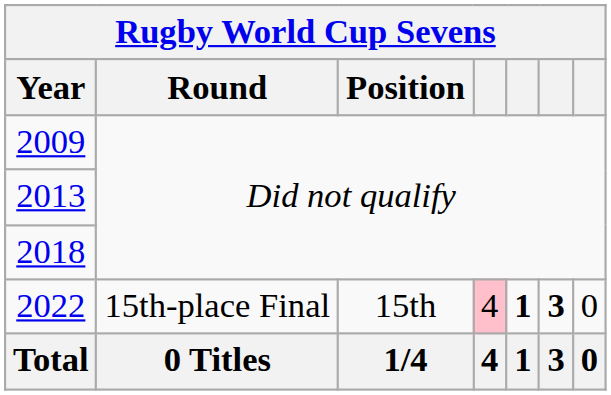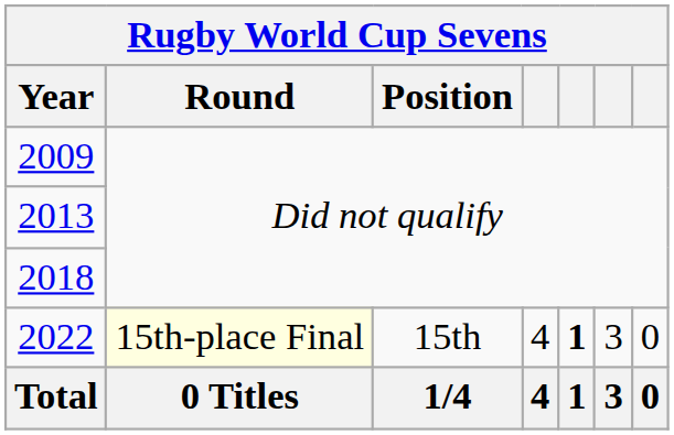 <table class="wikitable" style="text-align: center;">
 <tr>
 <th colspan=10><a href='#'>Rugby World Cup Sevens</a></th>
 </tr>
 <tr>
 <th>Year</th>
 <th>Round</th>
 <th>Position</th>
 <th></th>
 <th></th>
 <th></th>
 <th></th>
 </tr>
 <tr>
 <td> <a href='#'>2009</a></td>
 <td colspan="6" rowspan="3"><em>Did not qualify</em></td>
 </tr>
 <tr>
 <td> <a href='#'>2013</a></td>
 </tr>
 <tr>
 <td> <a href='#'>2018</a></td>
 </tr>
 <tr>
 <td> <a href='#'>2022</a></td>
-<td>15th-place Final</td>
+<td style="background: lightyellow;">15th-place Final</td>
 <td>15th</td>
-<td style="background: pink;">4</td>
+<td>4</td>
 <td><strong>1</strong></td>
-<td><strong>3</strong></td>
+<td>3</td>
 <td>0</td>
 </tr>
 <tr>
 <th>Total</th>
 <th>0 Titles</th>
 <th>1/4</th>
 <th>4</th>
 <th>1</th>
 <th>3</th>
 <th>0</th>
 </tr>
 </table>
